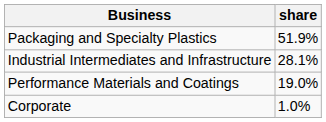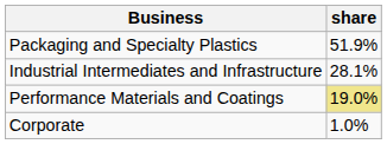 <table class="wikitable floatright">
 <tr>
 <th>Business</th>
 <th>share</th>
 </tr>
 <tr>
 <td>Packaging and Specialty Plastics</td>
 <td>51.9%</td>
 </tr>
 <tr>
 <td>Industrial Intermediates and Infrastructure</td>
 <td>28.1%</td>
 </tr>
 <tr>
 <td>Performance Materials and Coatings</td>
-<td>19.0%</td>
+<td style="background: khaki;">19.0%</td>
 </tr>
 <tr>
 <td>Corporate</td>
 <td>1.0%</td>
 </tr>
 </table>
